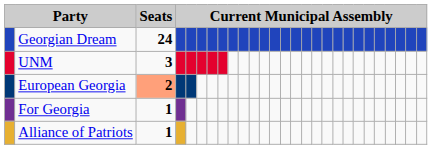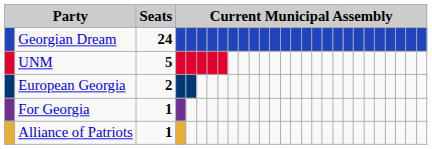 <table class="wikitable">
 <tr>
 <th style="background:#ccc" colspan="2">Party</th>
 <th style="background:#ccc">Seats</th>
 <th style="background:#ccc" colspan="27">Current Municipal Assembly</th>
 </tr>
 <tr>
 <td style="background-color: #2044BC"> </td>
 <td><a href='#'>Georgian Dream</a></td>
 <td style="text-align: right"><strong>24</strong></td>
 <td style="background-color: #2044BC"></td>
 <td style="background-color: #2044BC"> </td>
 <td style="background-color: #2044BC"> </td>
 <td style="background-color: #2044BC"> </td>
 <td style="background-color: #2044BC"> </td>
 <td style="background-color: #2044BC"> </td>
 <td style="background-color: #2044BC"> </td>
 <td style="background-color: #2044BC"> </td>
 <td style="background-color: #2044BC"> </td>
 <td style="background-color: #2044BC"> </td>
 <td style="background-color: #2044BC"> </td>
 <td style="background-color: #2044BC"> </td>
 <td style="background-color: #2044BC"> </td>
 <td style="background-color: #2044BC"> </td>
 <td style="background-color: #2044BC"> </td>
 <td style="background-color: #2044BC"> </td>
 <td style="background-color: #2044BC"> </td>
 <td style="background-color: #2044BC"> </td>
 <td style="background-color: #2044BC"> </td>
 <td style="background-color: #2044BC"> </td>
 <td style="background-color: #2044BC"> </td>
 <td style="background-color: #2044BC"> </td>
 <td style="background-color: #2044BC"> </td>
 <td style="background-color: #2044BC"> </td>
 </tr>
 <tr>
 <td style="background-color: #e4012e"> </td>
 <td><a href='#'>UNM</a></td>
-<td style="text-align: right"><strong>3</strong></td>
+<td style="text-align: right"><strong>5</strong></td>
 <td style="background-color: #e4012e"> </td>
 <td style="background-color: #e4012e"> </td>
 <td style="background-color: #e4012e"> </td>
 <td style="background-color: #e4012e"> </td>
 <td style="background-color: #e4012e"> </td>
 <td> </td>
 <td> </td>
 <td> </td>
 <td> </td>
 <td> </td>
 <td> </td>
 <td> </td>
 <td> </td>
 <td> </td>
 <td> </td>
 <td> </td>
 <td> </td>
 <td> </td>
 <td> </td>
 <td> </td>
 <td> </td>
 <td> </td>
 <td> </td>
 <td> </td>
 </tr>
 <tr>
 <td style="background-color: #003876"> </td>
 <td><a href='#'>European Georgia</a></td>
-<td style="background: lightsalmon; text-align: right"><strong>2</strong></td>
+<td style="text-align: right"><strong>2</strong></td>
 <td style="background-color: #003876"> </td>
 <td style="background-color: #003876"> </td>
 <td> </td>
 <td> </td>
 <td> </td>
 <td> </td>
 <td> </td>
 <td> </td>
 <td> </td>
 <td> </td>
 <td> </td>
 <td> </td>
 <td> </td>
 <td> </td>
 <td> </td>
 <td> </td>
 <td> </td>
 <td> </td>
 <td> </td>
 <td> </td>
 <td> </td>
 <td> </td>
 <td> </td>
 <td> </td>
 </tr>
 <tr>
 <td style="background-color: #702F92"> </td>
 <td><a href='#'>For Georgia</a></td>
 <td style="text-align: right"><strong>1</strong></td>
 <td style="background-color: #702F92"> </td>
 <td> </td>
 <td> </td>
 <td> </td>
 <td> </td>
 <td> </td>
 <td> </td>
 <td> </td>
 <td> </td>
 <td> </td>
 <td> </td>
 <td> </td>
 <td> </td>
 <td> </td>
 <td> </td>
 <td> </td>
 <td> </td>
 <td> </td>
 <td> </td>
 <td> </td>
 <td> </td>
 <td> </td>
 <td> </td>
 <td> </td>
 </tr>
 <tr>
 <td style="background-color: #e7b031"> </td>
 <td><a href='#'>Alliance of Patriots</a></td>
 <td style="text-align: right"><strong>1</strong></td>
 <td style="background-color: #e7b031"> </td>
 <td> </td>
 <td> </td>
 <td> </td>
 <td> </td>
 <td> </td>
 <td> </td>
 <td> </td>
 <td> </td>
 <td> </td>
 <td> </td>
 <td> </td>
 <td> </td>
 <td> </td>
 <td> </td>
 <td> </td>
 <td> </td>
 <td> </td>
 <td> </td>
 <td> </td>
 <td> </td>
 <td> </td>
 <td> </td>
 <td> </td>
 </tr>
 </table>
